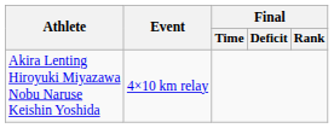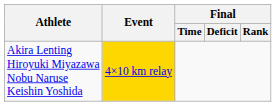 <table class="wikitable" style="font-size:90%">
 <tr>
 <th rowspan=2>Athlete</th>
 <th rowspan=2>Event</th>
 <th colspan=3>Final</th>
 </tr>
 <tr style="font-size: 95%">
 <th>Time</th>
 <th>Deficit</th>
 <th>Rank</th>
 </tr>
 <tr align=center>
 <td align=left><a href='#'>Akira Lenting</a><br><a href='#'>Hiroyuki Miyazawa</a><br><a href='#'>Nobu Naruse</a><br><a href='#'>Keishin Yoshida</a></td>
-<td align=left><a href='#'>4×10 km relay</a></td>
+<td align=left style="background: gold;"><a href='#'>4×10 km relay</a></td>
 <td colspan=3></td>
 </tr>
 </table>
